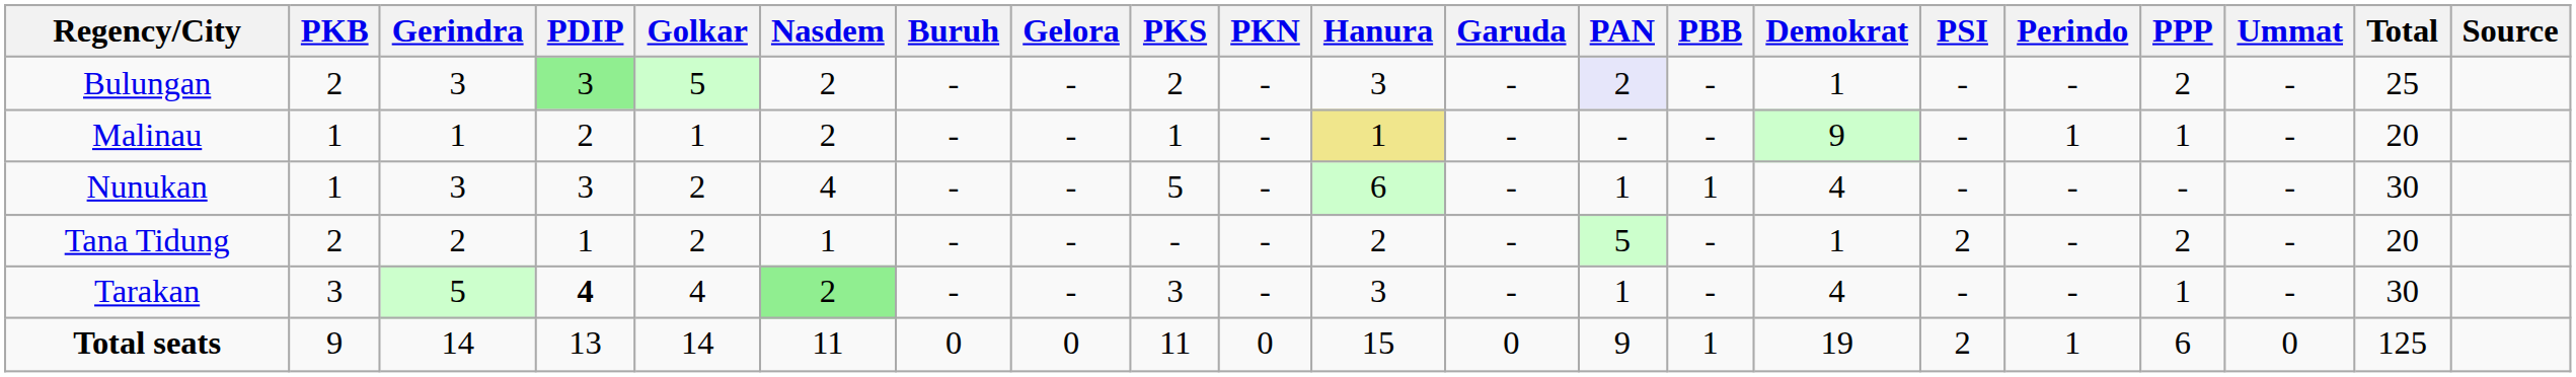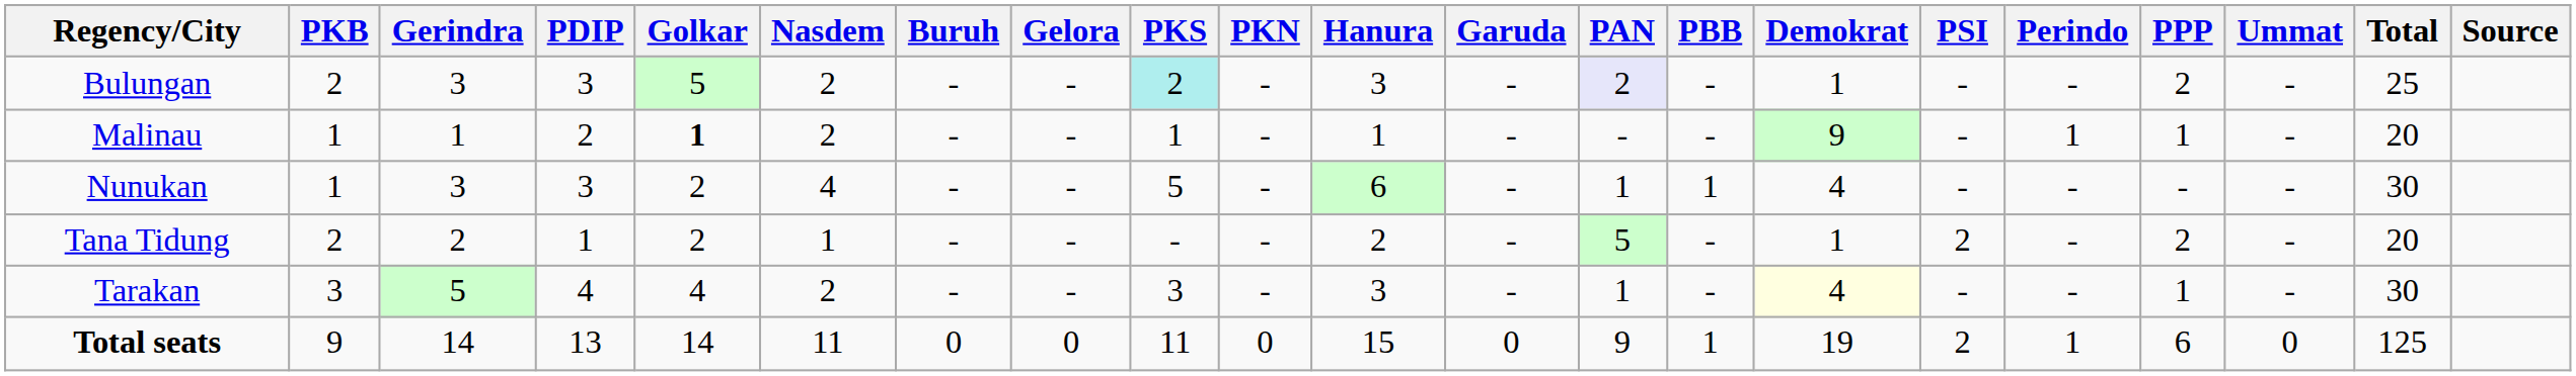 <table class="wikitable sortable" style="text-align:center">
 <tr>
 <th scope=col width=10%>Regency/City</th>
 <th scope=col width=3%><a href='#'>PKB</a></th>
 <th scope=col width=3%><a href='#'>Gerindra</a></th>
 <th scope=col width=3%><a href='#'>PDIP</a></th>
 <th scope=col width=3%><a href='#'>Golkar</a></th>
 <th scope=col width=3%><a href='#'>Nasdem</a></th>
 <th scope=col width=3%><a href='#'>Buruh</a></th>
 <th scope=col width=3%><a href='#'>Gelora</a></th>
 <th scope=col width=3%><a href='#'>PKS</a></th>
 <th scope=col width=3%><a href='#'>PKN</a></th>
 <th scope=col width=3%><a href='#'>Hanura</a></th>
 <th scope=col width=3%><a href='#'>Garuda</a></th>
 <th scope=col width=3%><a href='#'>PAN</a></th>
 <th scope=col width=3%><a href='#'>PBB</a></th>
 <th scope=col width=3%><a href='#'>Demokrat</a></th>
 <th scope=col width=3%><a href='#'>PSI</a></th>
 <th scope=col width=3%><a href='#'>Perindo</a></th>
 <th scope=col width=3%><a href='#'>PPP</a></th>
 <th scope=col width=3%><a href='#'>Ummat</a></th>
 <th scope=col width=3%>Total</th>
 <th scope=col width=3%>Source</th>
 </tr>
 <tr>
 <td><a href='#'>Bulungan</a></td>
 <td>2</td>
 <td>3</td>
-<td style="background: lightgreen;">3</td>
+<td>3</td>
 <td style="background:#cfc;">5</td>
 <td>2</td>
 <td>-</td>
 <td>-</td>
-<td>2</td>
+<td style="background: paleturquoise;">2</td>
 <td>-</td>
 <td>3</td>
 <td>-</td>
 <td style="background: lavender;">2</td>
 <td>-</td>
 <td>1</td>
 <td>-</td>
 <td>-</td>
 <td>2</td>
 <td>-</td>
 <td>25</td>
 <td></td>
 </tr>
 <tr>
 <td><a href='#'>Malinau</a></td>
 <td>1</td>
 <td>1</td>
 <td>2</td>
-<td>1</td>
+<td><strong>1</strong></td>
 <td>2</td>
 <td>-</td>
 <td>-</td>
 <td>1</td>
 <td>-</td>
-<td style="background: khaki;">1</td>
+<td>1</td>
 <td>-</td>
 <td>-</td>
 <td>-</td>
 <td style="background:#cfc;">9</td>
 <td>-</td>
 <td>1</td>
 <td>1</td>
 <td>-</td>
 <td>20</td>
 <td></td>
 </tr>
 <tr>
 <td><a href='#'>Nunukan</a></td>
 <td>1</td>
 <td>3</td>
 <td>3</td>
 <td>2</td>
 <td>4</td>
 <td>-</td>
 <td>-</td>
 <td>5</td>
 <td>-</td>
 <td style="background:#cfc;">6</td>
 <td>-</td>
 <td>1</td>
 <td>1</td>
 <td>4</td>
 <td>-</td>
 <td>-</td>
 <td>-</td>
 <td>-</td>
 <td>30</td>
 <td></td>
 </tr>
 <tr>
 <td><a href='#'>Tana Tidung</a></td>
 <td>2</td>
 <td>2</td>
 <td>1</td>
 <td>2</td>
 <td>1</td>
 <td>-</td>
 <td>-</td>
 <td>-</td>
 <td>-</td>
 <td>2</td>
 <td>-</td>
 <td style="background:#cfc;">5</td>
 <td>-</td>
 <td>1</td>
 <td>2</td>
 <td>-</td>
 <td>2</td>
 <td>-</td>
 <td>20</td>
 <td></td>
 </tr>
 <tr>
 <td><a href='#'>Tarakan</a></td>
 <td>3</td>
 <td style="background:#cfc;">5</td>
-<td><strong>4</strong></td>
 <td>4</td>
-<td style="background: lightgreen;">2</td>
+<td>4</td>
+<td>2</td>
 <td>-</td>
 <td>-</td>
 <td>3</td>
 <td>-</td>
 <td>3</td>
 <td>-</td>
 <td>1</td>
 <td>-</td>
-<td>4</td>
+<td style="background: lightyellow;">4</td>
 <td>-</td>
 <td>-</td>
 <td>1</td>
 <td>-</td>
 <td>30</td>
 <td></td>
 </tr>
 <tr>
 <td><strong>Total seats</strong></td>
 <td>9</td>
 <td>14</td>
 <td>13</td>
 <td>14</td>
 <td>11</td>
 <td>0</td>
 <td>0</td>
 <td>11</td>
 <td>0</td>
 <td>15</td>
 <td>0</td>
 <td>9</td>
 <td>1</td>
 <td>19</td>
 <td>2</td>
 <td>1</td>
 <td>6</td>
 <td>0</td>
 <td>125</td>
 </tr>
 </table>
